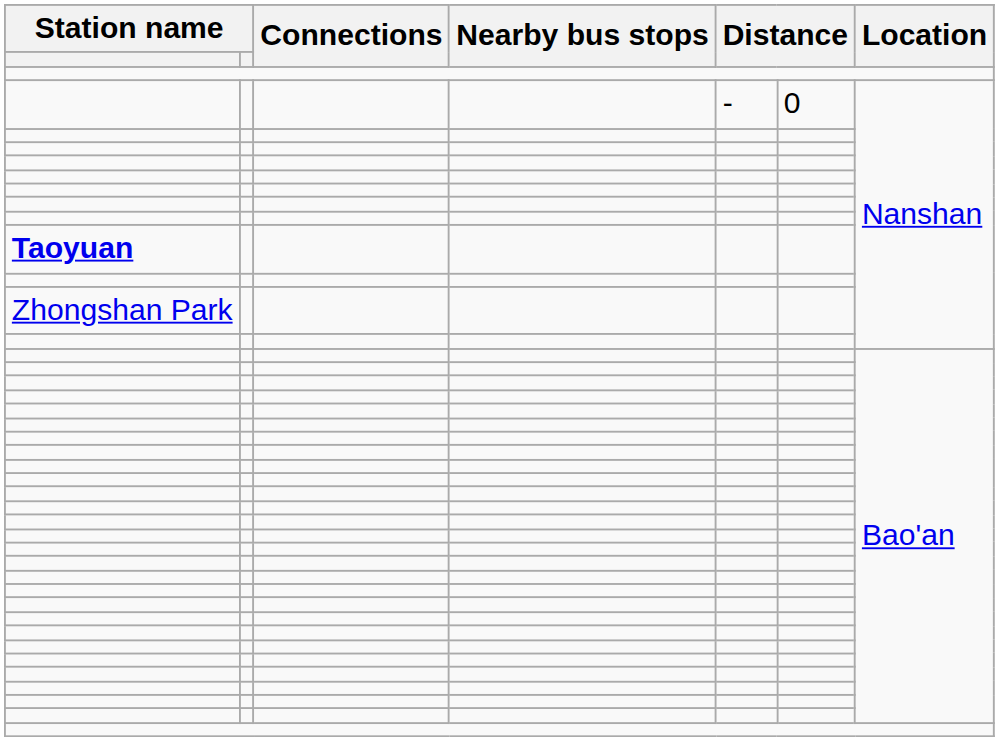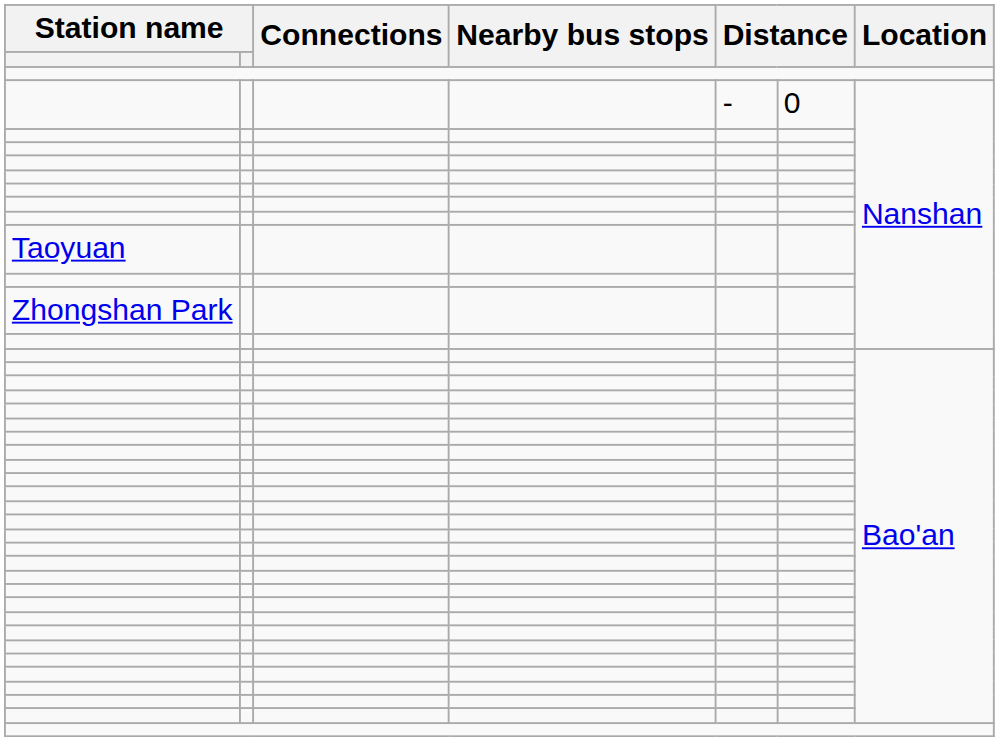 <table class="wikitable">
 <tr>
 <th colspan="2">Station name</th>
 <th rowspan="2">Connections</th>
 <th rowspan="2">Nearby bus stops</th>
 <th colspan="2" rowspan="2">Distance<br></th>
 <th rowspan="2">Location</th>
 </tr>
 <tr>
 <th></th>
 <th></th>
 </tr>
 <tr style="background:#">
 <td colspan="7"></td>
 </tr>
 <tr>
 <td></td>
 <td></td>
 <td></td>
 <td></td>
 <td>-</td>
 <td>0</td>
 <td rowspan="12"><a href='#'>Nanshan</a></td>
 </tr>
 <tr>
 <td></td>
 <td></td>
 <td></td>
 <td></td>
 <td></td>
 <td></td>
 </tr>
 <tr>
 <td></td>
 <td></td>
 <td></td>
 <td></td>
 <td></td>
 <td></td>
 </tr>
 <tr>
 <td></td>
 <td></td>
 <td></td>
 <td></td>
 <td></td>
 <td></td>
 </tr>
 <tr>
 <td></td>
 <td></td>
 <td></td>
 <td></td>
 <td></td>
 <td></td>
 </tr>
 <tr>
 <td></td>
 <td></td>
 <td></td>
 <td></td>
 <td></td>
 <td></td>
 </tr>
 <tr>
 <td></td>
 <td></td>
 <td></td>
 <td></td>
 <td></td>
 <td></td>
 </tr>
 <tr>
 <td></td>
 <td></td>
 <td></td>
 <td></td>
 <td></td>
 <td></td>
 </tr>
 <tr>
-<td><strong><a href='#'>Taoyuan</a></strong></td>
+<td><a href='#'>Taoyuan</a></td>
 <td></td>
 <td></td>
 <td></td>
 <td></td>
 <td></td>
 </tr>
 <tr>
 <td></td>
 <td></td>
 <td></td>
 <td></td>
 <td></td>
 <td></td>
 </tr>
 <tr>
 <td><a href='#'>Zhongshan Park</a></td>
 <td></td>
 <td></td>
 <td></td>
 <td></td>
 <td></td>
 </tr>
 <tr>
 <td></td>
 <td></td>
 <td></td>
 <td></td>
 <td></td>
 <td></td>
 </tr>
 <tr>
 <td></td>
 <td></td>
 <td></td>
 <td></td>
 <td></td>
 <td></td>
 <td rowspan="27"><a href='#'>Bao'an</a></td>
 </tr>
 <tr>
 <td></td>
 <td></td>
 <td></td>
 <td></td>
 <td></td>
 <td></td>
 </tr>
 <tr>
 <td></td>
 <td></td>
 <td></td>
 <td></td>
 <td></td>
 <td></td>
 </tr>
 <tr>
 <td></td>
 <td></td>
 <td></td>
 <td></td>
 <td></td>
 <td></td>
 </tr>
 <tr>
 <td></td>
 <td></td>
 <td></td>
 <td></td>
 <td></td>
 <td></td>
 </tr>
 <tr>
 <td></td>
 <td></td>
 <td></td>
 <td></td>
 <td></td>
 <td></td>
 </tr>
 <tr>
 <td></td>
 <td></td>
 <td></td>
 <td></td>
 <td></td>
 <td></td>
 </tr>
 <tr>
 <td></td>
 <td></td>
 <td></td>
 <td></td>
 <td></td>
 <td></td>
 </tr>
 <tr>
 <td></td>
 <td></td>
 <td></td>
 <td></td>
 <td></td>
 <td></td>
 </tr>
 <tr>
 <td></td>
 <td></td>
 <td></td>
 <td></td>
 <td></td>
 <td></td>
 </tr>
 <tr>
 <td></td>
 <td></td>
 <td></td>
 <td></td>
 <td></td>
 <td></td>
 </tr>
 <tr>
 <td></td>
 <td></td>
 <td></td>
 <td></td>
 <td></td>
 <td></td>
 </tr>
 <tr>
 <td></td>
 <td></td>
 <td></td>
 <td></td>
 <td></td>
 <td></td>
 </tr>
 <tr>
 <td></td>
 <td></td>
 <td></td>
 <td></td>
 <td></td>
 <td></td>
 </tr>
 <tr>
 <td></td>
 <td></td>
 <td></td>
 <td></td>
 <td></td>
 <td></td>
 </tr>
 <tr>
 <td></td>
 <td></td>
 <td></td>
 <td></td>
 <td></td>
 <td></td>
 </tr>
 <tr>
 <td></td>
 <td></td>
 <td></td>
 <td></td>
 <td></td>
 <td></td>
 </tr>
 <tr>
 <td></td>
 <td></td>
 <td></td>
 <td></td>
 <td></td>
 <td></td>
 </tr>
 <tr>
 <td></td>
 <td></td>
 <td></td>
 <td></td>
 <td></td>
 <td></td>
 </tr>
 <tr>
 <td></td>
 <td></td>
 <td></td>
 <td></td>
 <td></td>
 <td></td>
 </tr>
 <tr>
 <td></td>
 <td></td>
 <td></td>
 <td></td>
 <td></td>
 <td></td>
 </tr>
 <tr>
 <td></td>
 <td></td>
 <td></td>
 <td></td>
 <td></td>
 <td></td>
 </tr>
 <tr>
 <td></td>
 <td></td>
 <td></td>
 <td></td>
 <td></td>
 <td></td>
 </tr>
 <tr>
 <td></td>
 <td></td>
 <td></td>
 <td></td>
 <td></td>
 <td></td>
 </tr>
 <tr>
 <td></td>
 <td></td>
 <td></td>
 <td></td>
 <td></td>
 <td></td>
 </tr>
 <tr>
 <td></td>
 <td></td>
 <td></td>
 <td></td>
 <td></td>
 <td></td>
 </tr>
 <tr>
 <td></td>
 <td></td>
 <td> </td>
 <td></td>
 <td></td>
 <td></td>
 </tr>
 <tr style="background:#">
 <td colspan="7"></td>
 </tr>
 </table>
